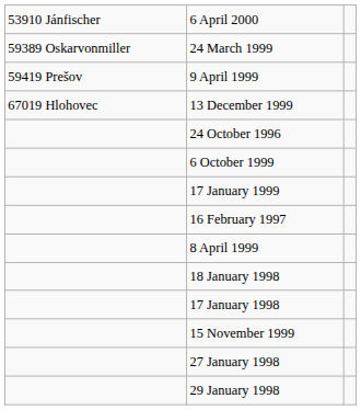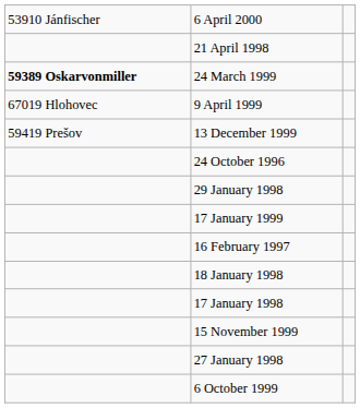 <table class="wikitable" style="font-size: 89%; float: left; width: 26em; margin-right: 1em; height: 420px;">
 <tr>
 <td>53910 Jánfischer</td>
 <td>6 April 2000</td>
 <td> </td>
 </tr>
 <tr>
-<td>59389 Oskarvonmiller</td>
+<td></td>
+<td>21 April 1998</td>
+<td> </td>
+</tr>
+<tr>
+<td><strong>59389 Oskarvonmiller</strong></td>
 <td>24 March 1999</td>
 <td> </td>
 </tr>
 <tr>
-<td>59419 Prešov</td>
+<td>67019 Hlohovec</td>
 <td>9 April 1999</td>
 <td> </td>
 </tr>
 <tr>
-<td>67019 Hlohovec</td>
+<td>59419 Prešov</td>
 <td>13 December 1999</td>
 <td> </td>
 </tr>
 <tr>
 <td></td>
 <td>24 October 1996</td>
 <td> </td>
 </tr>
 <tr>
 <td></td>
-<td>6 October 1999</td>
+<td>29 January 1998</td>
 <td> </td>
 </tr>
 <tr>
 <td></td>
 <td>17 January 1999</td>
 <td> </td>
 </tr>
 <tr>
 <td></td>
 <td>16 February 1997</td>
-<td> </td>
-</tr>
-<tr>
-<td></td>
-<td>8 April 1999</td>
 <td> </td>
 </tr>
 <tr>
 <td></td>
 <td>18 January 1998</td>
 <td> </td>
 </tr>
 <tr>
 <td></td>
 <td>17 January 1998</td>
 <td> </td>
 </tr>
 <tr>
 <td></td>
 <td>15 November 1999</td>
 <td> </td>
 </tr>
 <tr>
 <td></td>
 <td>27 January 1998</td>
 <td> </td>
 </tr>
 <tr>
 <td></td>
-<td>29 January 1998</td>
+<td>6 October 1999</td>
 <td> </td>
 </tr>
 </table>
